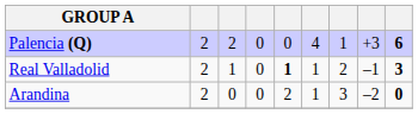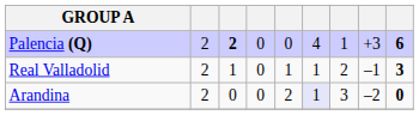 <table class="wikitable" style="text-align: center;">
 <tr>
 <th width="175">GROUP A</th>
 <th width="20"></th>
 <th width="20"></th>
 <th width="20"></th>
 <th width="20"></th>
 <th width="20"></th>
 <th width="20"></th>
 <th width="20"></th>
 <th width="20"></th>
 </tr>
 <tr bgcolor=#ccccff>
 <td align=left> <a href='#'>Palencia</a> <strong>(Q)</strong></td>
 <td>2</td>
-<td>2</td>
+<td><strong>2</strong></td>
 <td>0</td>
 <td>0</td>
 <td>4</td>
 <td>1</td>
 <td>+3</td>
 <td><strong>6</strong></td>
 </tr>
 <tr>
 <td align=left> <a href='#'>Real Valladolid</a></td>
 <td>2</td>
 <td>1</td>
 <td>0</td>
-<td><strong>1</strong></td>
+<td>1</td>
 <td>1</td>
 <td>2</td>
 <td>–1</td>
 <td><strong>3</strong></td>
 </tr>
 <tr>
 <td align=left> <a href='#'>Arandina</a></td>
 <td>2</td>
 <td>0</td>
 <td>0</td>
 <td>2</td>
-<td>1</td>
+<td style="background: lavender;">1</td>
 <td>3</td>
 <td>–2</td>
 <td><strong>0</strong></td>
 </tr>
 <tr>
 </tr>
 </table>
